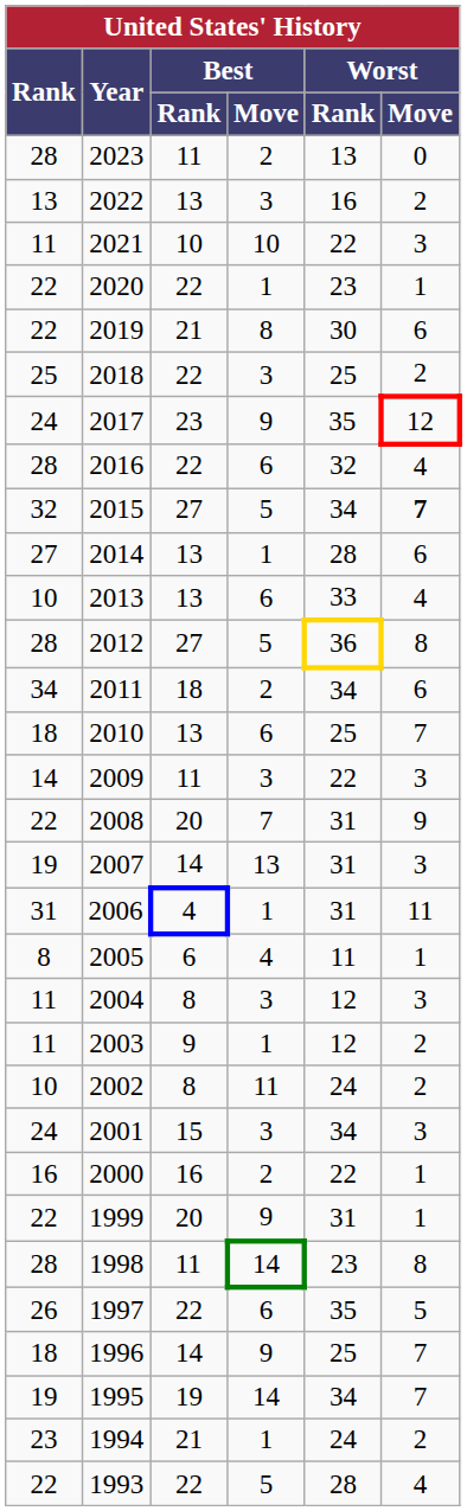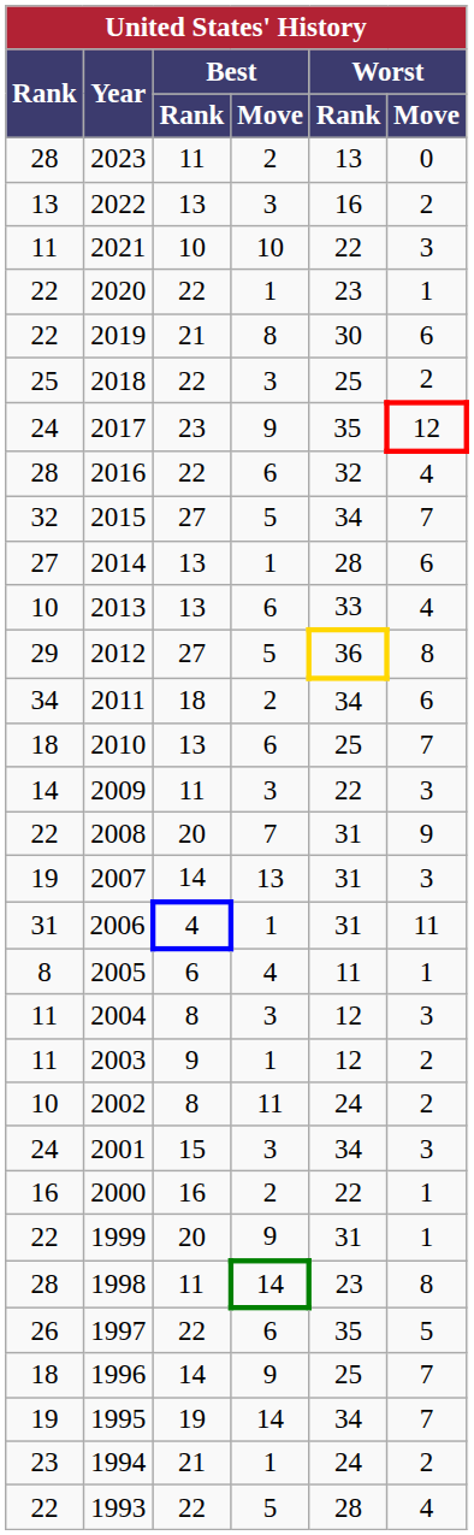 <table class="wikitable sortable" style="text-align:center;">
 <tr>
 <th colspan=9 style="background: #B22234; color: #FFFFFF;"> United States' <a href='#'></a> History</th>
 </tr>
 <tr>
 <th rowspan=2 style="background-color: #3C3B6E; color: #FFFFFF;">Rank</th>
 <th rowspan=2 style="background-color: #3C3B6E; color: #FFFFFF;">Year</th>
 <th colspan=2 style="background-color: #3C3B6E; color: #FFFFFF;">Best</th>
 <th colspan=2 style="background-color: #3C3B6E; color: #FFFFFF;">Worst</th>
 </tr>
 <tr>
 <th style="background-color: #3C3B6E; color: #FFFFFF;">Rank</th>
 <th style="background-color: #3C3B6E; color: #FFFFFF;">Move</th>
 <th style="background-color: #3C3B6E; color: #FFFFFF;">Rank</th>
 <th style="background-color: #3C3B6E; color: #FFFFFF;">Move</th>
 </tr>
 <tr>
 <td>28</td>
 <td>2023</td>
 <td>11</td>
 <td> 2</td>
 <td>13</td>
 <td> 0</td>
 </tr>
 <tr>
 <td>13</td>
 <td>2022</td>
 <td>13</td>
 <td> 3</td>
 <td>16</td>
 <td> 2</td>
 </tr>
 <tr>
 <td>11</td>
 <td>2021</td>
 <td>10</td>
 <td> 10</td>
 <td>22</td>
 <td> 3</td>
 </tr>
 <tr>
 <td>22</td>
 <td>2020</td>
 <td>22</td>
 <td> 1</td>
 <td>23</td>
 <td> 1</td>
 </tr>
 <tr>
 <td>22</td>
 <td>2019</td>
 <td>21</td>
 <td> 8</td>
 <td>30</td>
 <td> 6</td>
 </tr>
 <tr>
 <td>25</td>
 <td>2018</td>
 <td>22</td>
 <td> 3</td>
 <td>25</td>
 <td> 2</td>
 </tr>
 <tr>
 <td>24</td>
 <td>2017</td>
 <td>23</td>
 <td> 9</td>
 <td>35</td>
 <td style="border: 3px solid red"> 12</td>
 </tr>
 <tr>
 <td>28</td>
 <td>2016</td>
 <td>22</td>
 <td> 6</td>
 <td>32</td>
 <td> 4</td>
 </tr>
 <tr>
 <td>32</td>
 <td>2015</td>
 <td>27</td>
 <td> 5</td>
 <td>34</td>
-<td><strong> 7</strong></td>
+<td> 7</td>
 </tr>
 <tr>
 <td>27</td>
 <td>2014</td>
 <td>13</td>
 <td> 1</td>
 <td>28</td>
 <td> 6</td>
 </tr>
 <tr>
 <td>10</td>
 <td>2013</td>
 <td>13</td>
 <td> 6</td>
 <td>33</td>
 <td> 4</td>
 </tr>
 <tr>
-<td>28</td>
+<td>29</td>
 <td>2012</td>
 <td>27</td>
 <td> 5</td>
 <td style="border: 3px solid gold">36</td>
 <td> 8</td>
 </tr>
 <tr>
 <td>34</td>
 <td>2011</td>
 <td>18</td>
 <td> 2</td>
 <td>34</td>
 <td> 6</td>
 </tr>
 <tr>
 <td>18</td>
 <td>2010</td>
 <td>13</td>
 <td> 6</td>
 <td>25</td>
 <td> 7</td>
 </tr>
 <tr>
 <td>14</td>
 <td>2009</td>
 <td>11</td>
 <td> 3</td>
 <td>22</td>
 <td> 3</td>
 </tr>
 <tr>
 <td>22</td>
 <td>2008</td>
 <td>20</td>
 <td> 7</td>
 <td>31</td>
 <td> 9</td>
 </tr>
 <tr>
 <td>19</td>
 <td>2007</td>
 <td>14</td>
 <td> 13</td>
 <td>31</td>
 <td> 3</td>
 </tr>
 <tr>
 <td>31</td>
 <td>2006</td>
 <td style="border: 3px solid blue">4</td>
 <td> 1</td>
 <td>31</td>
 <td> 11</td>
 </tr>
 <tr>
 <td>8</td>
 <td>2005</td>
 <td>6</td>
 <td> 4</td>
 <td>11</td>
 <td> 1</td>
 </tr>
 <tr>
 <td>11</td>
 <td>2004</td>
 <td>8</td>
 <td> 3</td>
 <td>12</td>
 <td> 3</td>
 </tr>
 <tr>
 <td>11</td>
 <td>2003</td>
 <td>9</td>
 <td> 1</td>
 <td>12</td>
 <td> 2</td>
 </tr>
 <tr>
 <td>10</td>
 <td>2002</td>
 <td>8</td>
 <td> 11</td>
 <td>24</td>
 <td> 2</td>
 </tr>
 <tr>
 <td>24</td>
 <td>2001</td>
 <td>15</td>
 <td> 3</td>
 <td>34</td>
 <td> 3</td>
 </tr>
 <tr>
 <td>16</td>
 <td>2000</td>
 <td>16</td>
 <td> 2</td>
 <td>22</td>
 <td> 1</td>
 </tr>
 <tr>
 <td>22</td>
 <td>1999</td>
 <td>20</td>
 <td> 9</td>
 <td>31</td>
 <td> 1</td>
 </tr>
 <tr>
 <td>28</td>
 <td>1998</td>
 <td>11</td>
 <td style="border: 3px solid green"> 14</td>
 <td>23</td>
 <td> 8</td>
 </tr>
 <tr>
 <td>26</td>
 <td>1997</td>
 <td>22</td>
 <td> 6</td>
 <td>35</td>
 <td> 5</td>
 </tr>
 <tr>
 <td>18</td>
 <td>1996</td>
 <td>14</td>
 <td> 9</td>
 <td>25</td>
 <td> 7</td>
 </tr>
 <tr>
 <td>19</td>
 <td>1995</td>
 <td>19</td>
 <td> 14</td>
 <td>34</td>
 <td> 7</td>
 </tr>
 <tr>
 <td>23</td>
 <td>1994</td>
 <td>21</td>
 <td> 1</td>
 <td>24</td>
 <td> 2</td>
 </tr>
 <tr>
 <td>22</td>
 <td>1993</td>
 <td>22</td>
 <td> 5</td>
 <td>28</td>
 <td> 4</td>
 </tr>
 </table>
